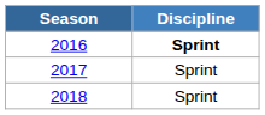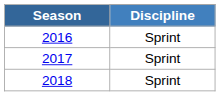 <table class="wikitable" style="font-size:95%; text-align:center; border:grey solid 1px; border-collapse:collapse; background:#ffffff;">
 <tr style="background-color:#369; color:white;">
 <td rowspan="2" colspan="1" style="width:110px"><strong>Season</strong></td>
 </tr>
 <tr style="background-color:#4180be; color:white;">
 <td style="width:110px"><strong>Discipline</strong></td>
 </tr>
 <tr>
 <td align=center><a href='#'>2016</a></td>
-<td align=center><strong>Sprint</strong></td>
+<td align=center>Sprint</td>
 </tr>
 <tr>
 <td align=center><a href='#'>2017</a></td>
 <td align=center>Sprint</td>
 </tr>
 <tr>
 <td align=center><a href='#'>2018</a></td>
 <td align=center>Sprint</td>
 </tr>
 </table>
